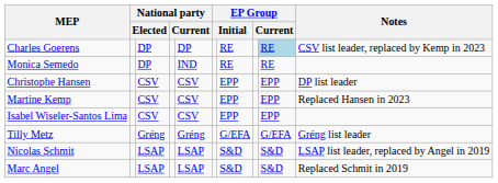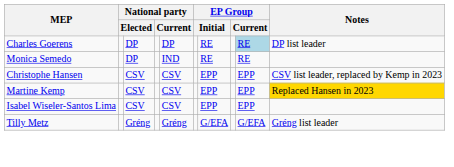 <table class="wikitable sortable" style="text-align:left">
 <tr>
 <th rowspan="2">MEP</th>
 <th colspan="4">National party</th>
 <th colspan="4"><a href='#'>EP Group</a></th>
 <th rowspan="2">Notes</th>
 </tr>
 <tr>
 <th colspan="2">Elected</th>
 <th colspan="2">Current</th>
 <th colspan="2">Initial</th>
 <th colspan="2">Current</th>
 </tr>
 <tr>
 <td><a href='#'>Charles Goerens</a></td>
 <td style="background: "></td>
 <td><a href='#'>DP</a></td>
 <td style="background: "></td>
 <td><a href='#'>DP</a></td>
 <td style="background: "></td>
 <td><a href='#'>RE</a></td>
 <td style="background: "></td>
 <td style="background: lightblue;"><a href='#'>RE</a></td>
-<td><a href='#'>CSV</a> list leader, replaced by Kemp in 2023</td>
+<td><a href='#'>DP</a> list leader</td>
 </tr>
 <tr>
 <td><a href='#'>Monica Semedo</a></td>
 <td style="background: "></td>
 <td><a href='#'>DP</a></td>
 <td style="background: "></td>
 <td><a href='#'>IND</a></td>
 <td style="background: "></td>
 <td><a href='#'>RE</a></td>
 <td style="background: "></td>
 <td><a href='#'>RE</a></td>
 <td></td>
 </tr>
 <tr>
 <td><a href='#'>Christophe Hansen</a></td>
 <td style="background: "></td>
 <td><a href='#'>CSV</a></td>
 <td style="background: "></td>
 <td><a href='#'>CSV</a></td>
 <td style="background: "></td>
 <td><a href='#'>EPP</a></td>
 <td style="background: "></td>
 <td><a href='#'>EPP</a></td>
-<td><a href='#'>DP</a> list leader</td>
+<td><a href='#'>CSV</a> list leader, replaced by Kemp in 2023</td>
 </tr>
 <tr>
 <td><a href='#'>Martine Kemp</a></td>
 <td style="background: "></td>
 <td><a href='#'>CSV</a></td>
 <td style="background: "></td>
 <td><a href='#'>CSV</a></td>
 <td style="background: "></td>
 <td><a href='#'>EPP</a></td>
 <td style="background: "></td>
 <td><a href='#'>EPP</a></td>
-<td>Replaced Hansen in 2023</td>
+<td style="background: gold;">Replaced Hansen in 2023</td>
 </tr>
 <tr>
 <td><a href='#'>Isabel Wiseler-Santos Lima</a></td>
 <td style="background: "></td>
 <td><a href='#'>CSV</a></td>
 <td style="background: "></td>
 <td><a href='#'>CSV</a></td>
 <td style="background: "></td>
 <td><a href='#'>EPP</a></td>
 <td style="background: "></td>
 <td><a href='#'>EPP</a></td>
 <td></td>
 </tr>
 <tr>
 <td><a href='#'>Tilly Metz</a></td>
 <td style="background: "></td>
 <td><a href='#'>Gréng</a></td>
 <td style="background: "></td>
 <td><a href='#'>Gréng</a></td>
 <td style="background: "></td>
 <td><a href='#'>G/EFA</a></td>
 <td style="background: "></td>
 <td><a href='#'>G/EFA</a></td>
 <td><a href='#'>Gréng</a> list leader</td>
 </tr>
-<tr>
-<td><a href='#'>Nicolas Schmit</a></td>
-<td style="background: "></td>
-<td><a href='#'>LSAP</a></td>
-<td style="background: "></td>
-<td><a href='#'>LSAP</a></td>
-<td style="background: "></td>
-<td><a href='#'>S&D</a></td>
-<td style="background: "></td>
-<td><a href='#'>S&D</a></td>
-<td><a href='#'>LSAP</a> list leader, replaced by Angel in 2019</td>
-</tr>
-<tr>
-<td><a href='#'>Marc Angel</a></td>
-<td style="background: "></td>
-<td><a href='#'>LSAP</a></td>
-<td style="background: "></td>
-<td><a href='#'>LSAP</a></td>
-<td style="background: "></td>
-<td><a href='#'>S&D</a></td>
-<td style="background: "></td>
-<td><a href='#'>S&D</a></td>
-<td>Replaced Schmit in 2019</td>
-</tr>
 </table>
